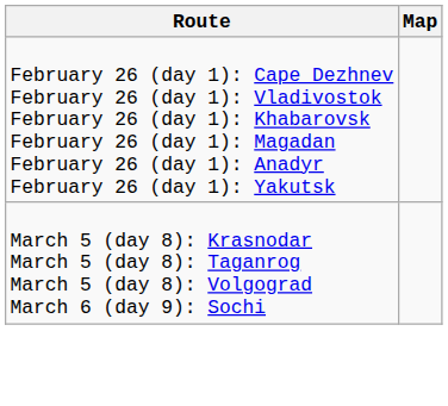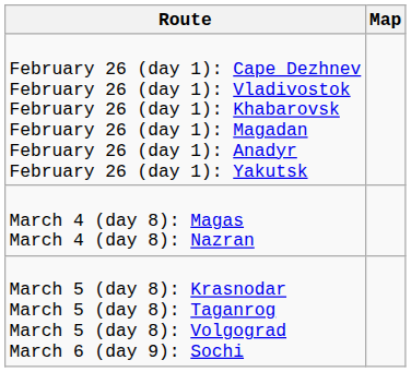 <table class=wikitable>
 <tr>
 <th>Route</th>
 <th>Map</th>
 </tr>
 <tr>
 <td><br>February 26 (day 1): <a href='#'>Cape Dezhnev</a><br> February 26 (day 1): <a href='#'>Vladivostok</a><br> February 26 (day 1): <a href='#'>Khabarovsk</a><br> February 26 (day 1): <a href='#'>Magadan</a><br> February 26 (day 1): <a href='#'>Anadyr</a><br> February 26 (day 1): <a href='#'>Yakutsk</a><br></td>
 <td></td>
 </tr>
 <tr>
+<td><br>March 4 (day 8): <a href='#'>Magas</a><br> March 4 (day 8): <a href='#'>Nazran</a></td>
+<td></td>
+</tr>
+<tr>
 <td><br>March 5 (day 8): <a href='#'>Krasnodar</a><br> March 5 (day 8): <a href='#'>Taganrog</a><br> March 5 (day 8): <a href='#'>Volgograd</a><br> March 6 (day 9): <a href='#'>Sochi</a></td>
 <td></td>
 </tr>
 </table>
